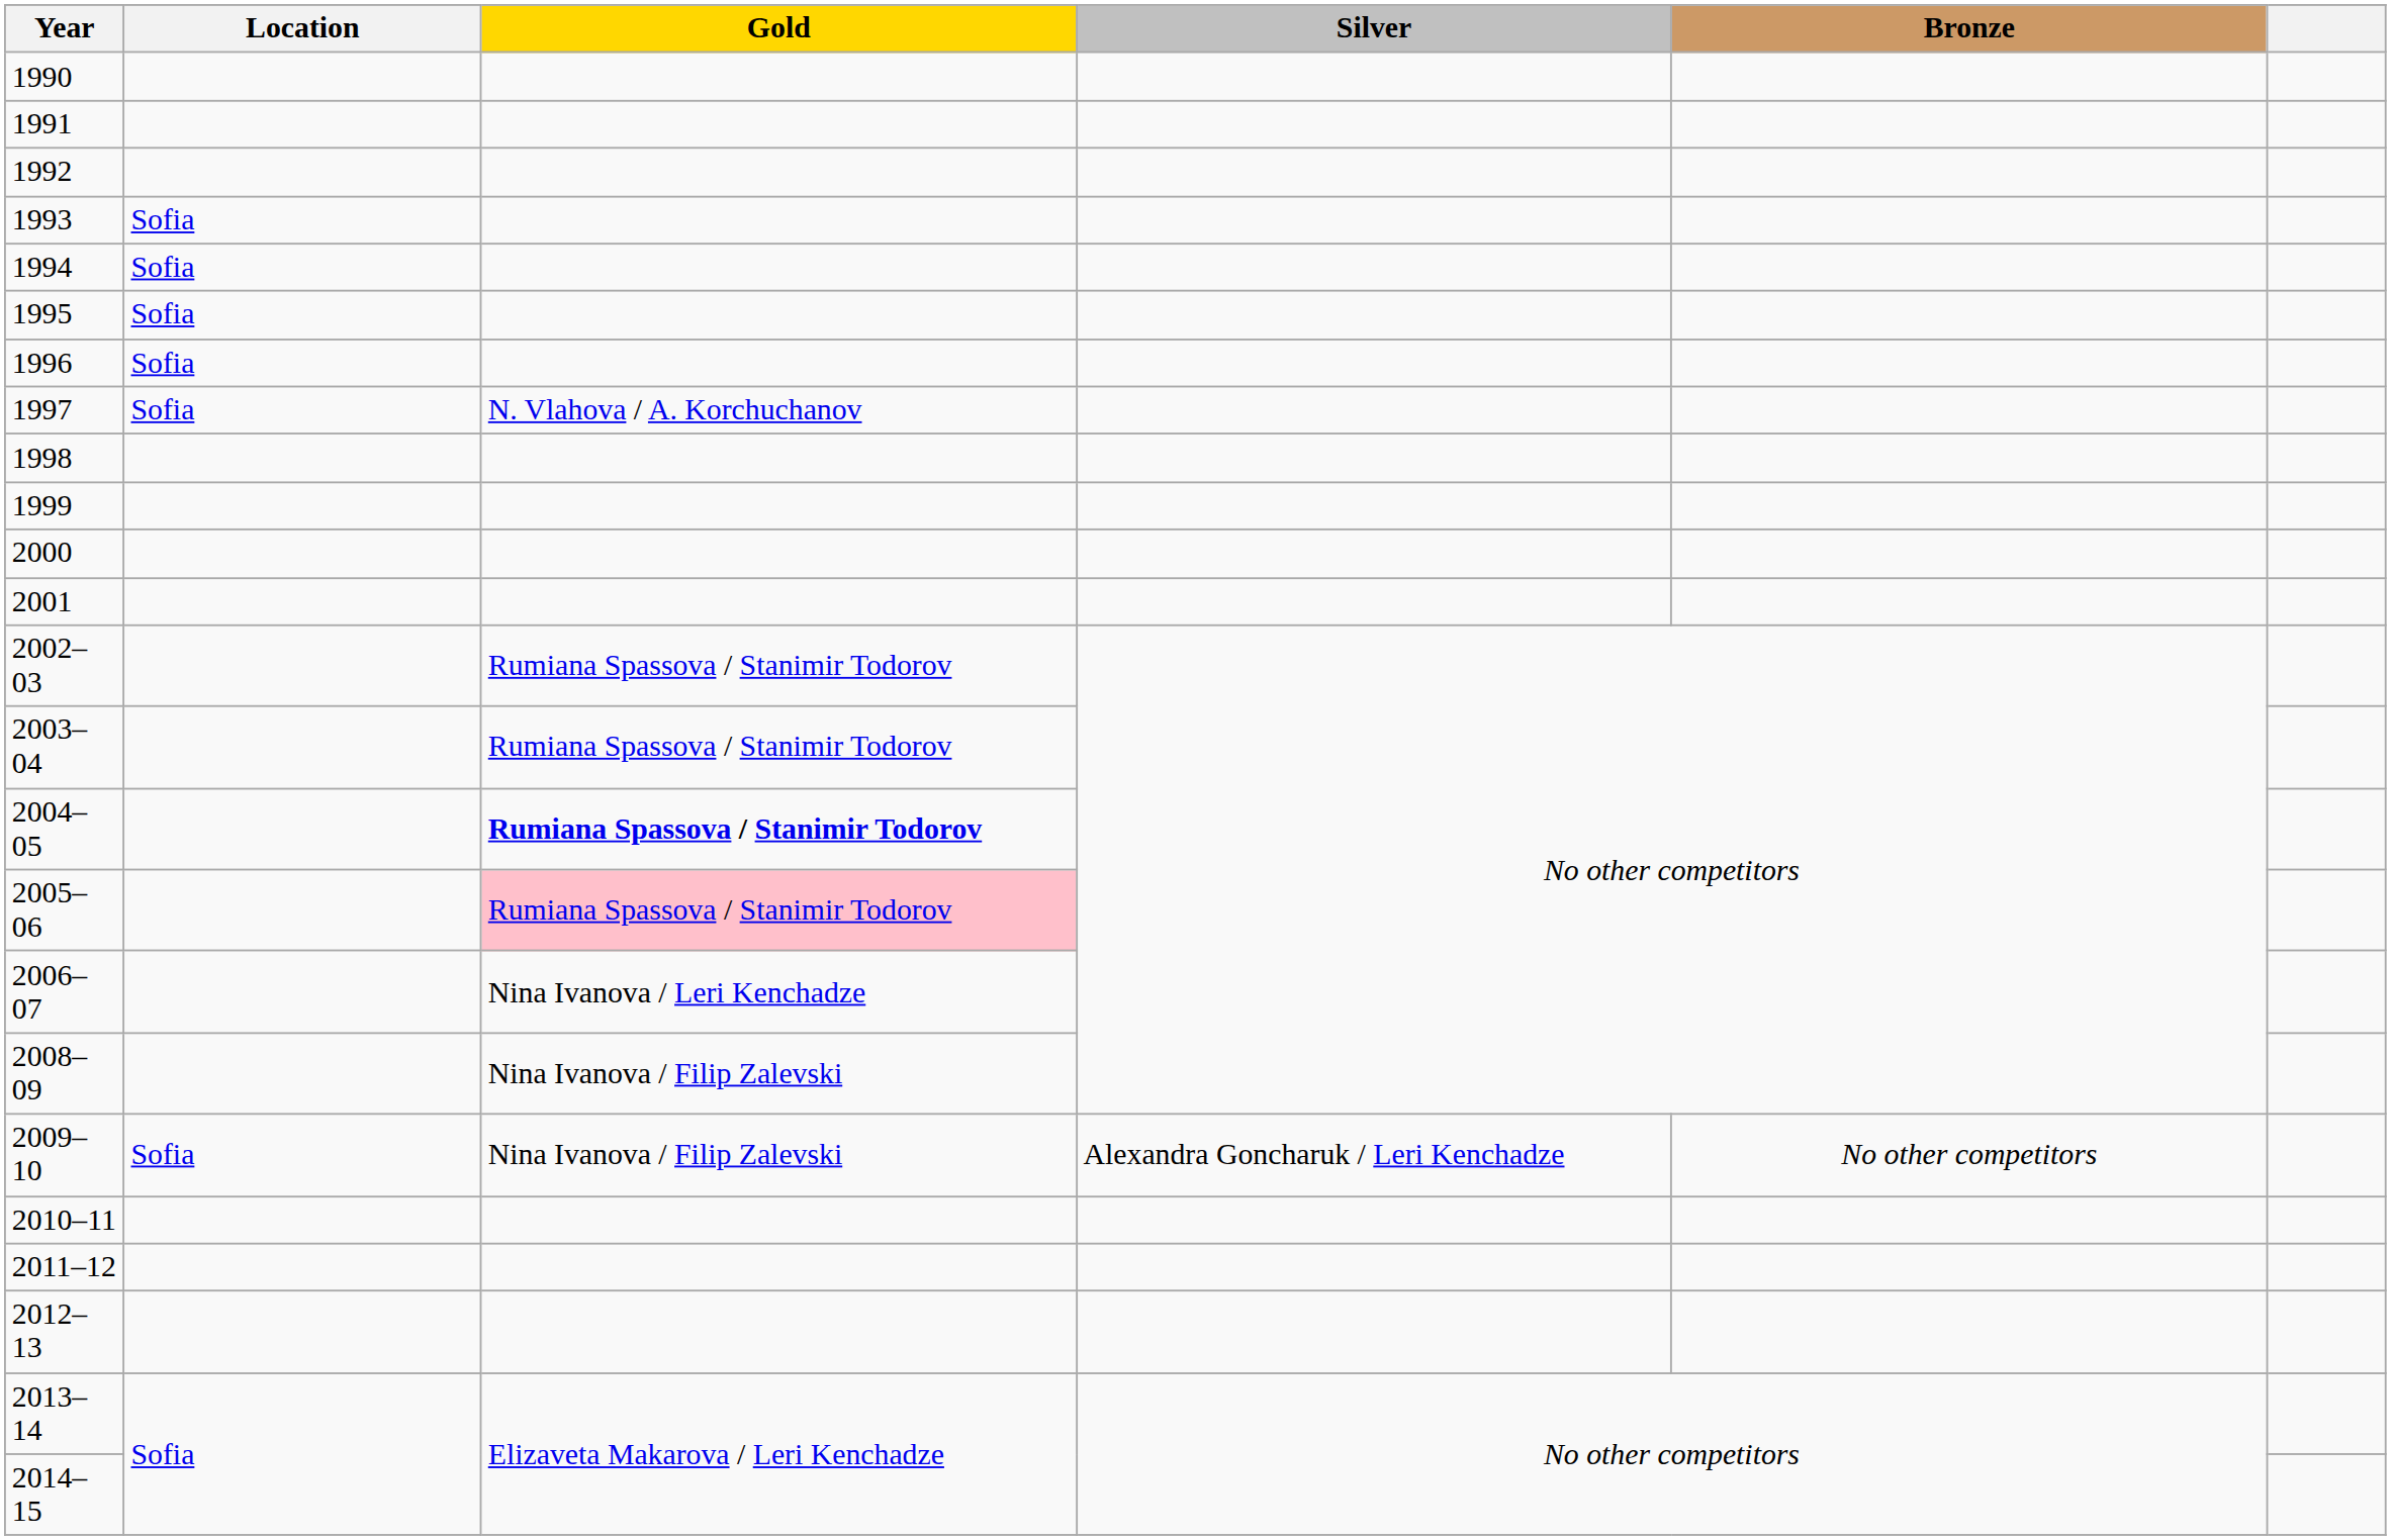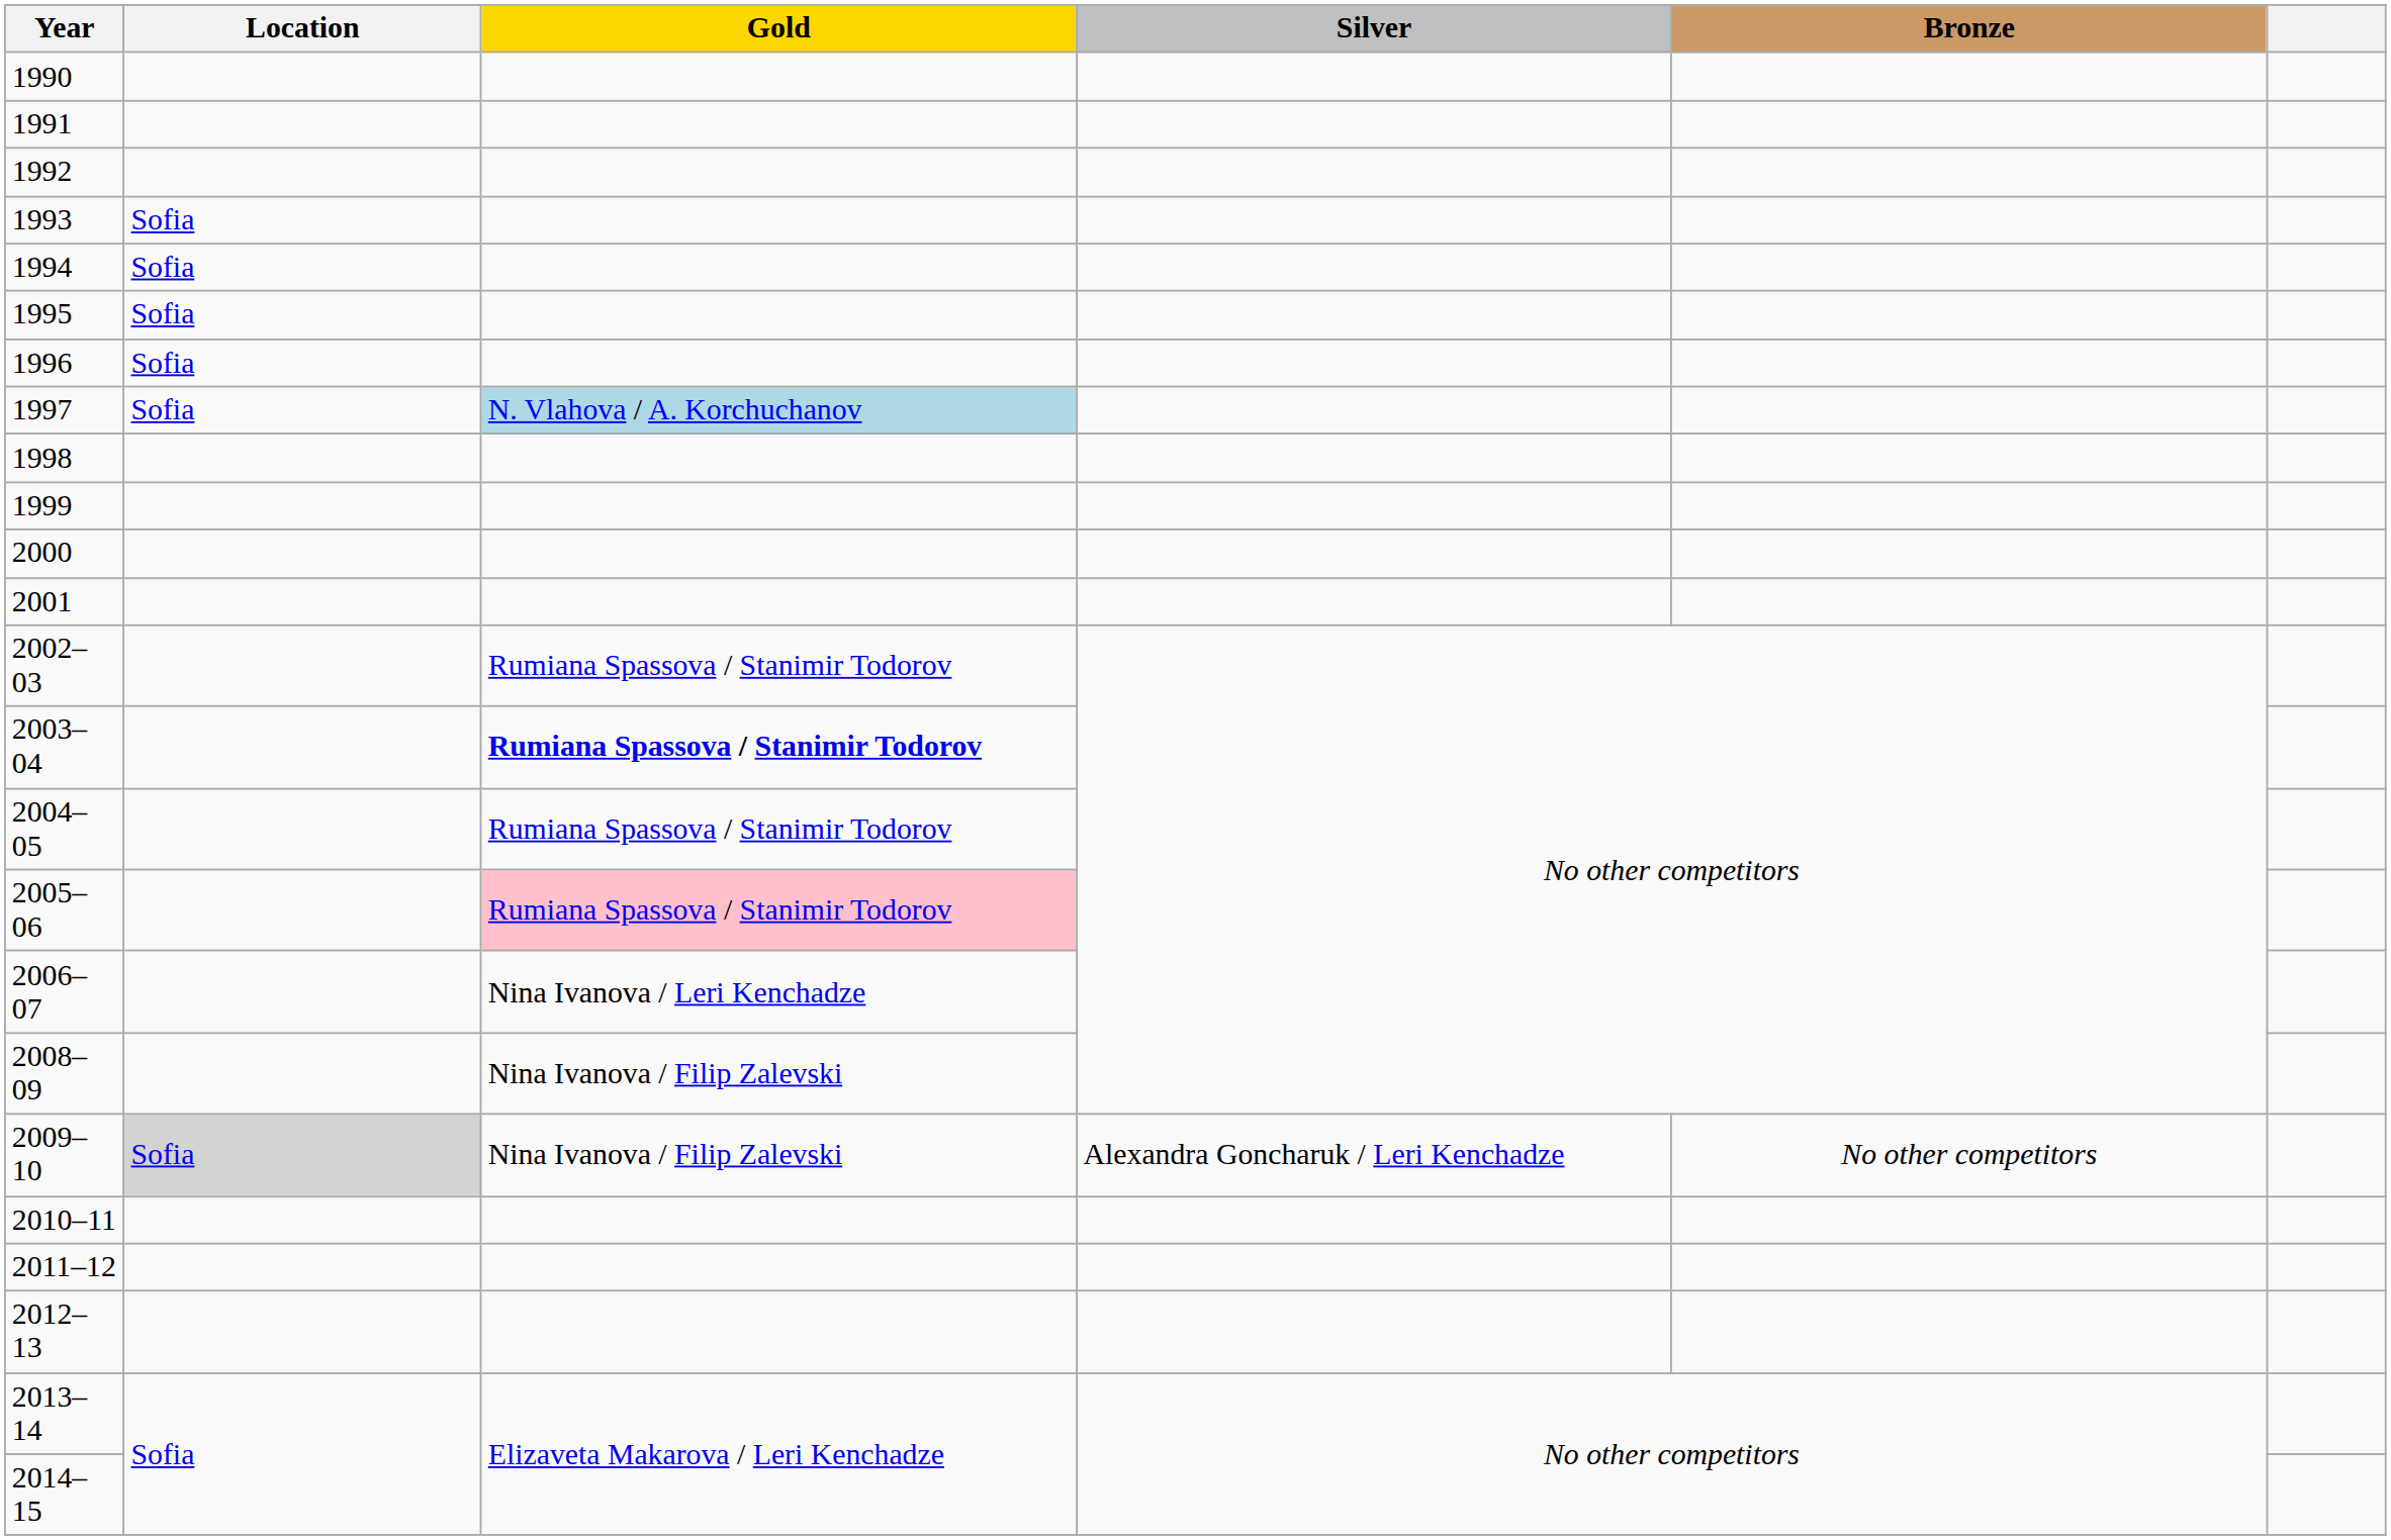 <table class="wikitable unsortable" style="text-align:left; width:80%">
 <tr>
 <th scope="col" style="text-align:center; width:5%">Year</th>
 <th scope="col" style="text-align:center; width:15%">Location</th>
 <td scope="col" style="text-align:center; width:25%; background:gold"><strong>Gold</strong></td>
 <td scope="col" style="text-align:center; width:25%; background:silver"><strong>Silver</strong></td>
 <td scope="col" style="text-align:center; width:25%; background:#c96"><strong>Bronze</strong></td>
 <th scope="col" style="text-align:center; width:5%"></th>
 </tr>
 <tr>
 <td>1990</td>
 <td></td>
 <td></td>
 <td></td>
 <td></td>
 <td></td>
 </tr>
 <tr>
 <td>1991</td>
 <td></td>
 <td></td>
 <td></td>
 <td></td>
 <td></td>
 </tr>
 <tr>
 <td>1992</td>
 <td></td>
 <td></td>
 <td></td>
 <td></td>
 <td></td>
 </tr>
 <tr>
 <td>1993</td>
 <td><a href='#'>Sofia</a></td>
 <td></td>
 <td></td>
 <td></td>
 <td></td>
 </tr>
 <tr>
 <td>1994</td>
 <td><a href='#'>Sofia</a></td>
 <td></td>
 <td></td>
 <td></td>
 <td></td>
 </tr>
 <tr>
 <td>1995</td>
 <td><a href='#'>Sofia</a></td>
 <td></td>
 <td></td>
 <td></td>
 <td></td>
 </tr>
 <tr>
 <td>1996</td>
 <td><a href='#'>Sofia</a></td>
 <td></td>
 <td></td>
 <td></td>
 <td></td>
 </tr>
 <tr>
 <td>1997</td>
 <td><a href='#'>Sofia</a></td>
-<td><a href='#'>N. Vlahova</a> / <a href='#'>A. Korchuchanov</a></td>
+<td style="background: lightblue;"><a href='#'>N. Vlahova</a> / <a href='#'>A. Korchuchanov</a></td>
 <td></td>
 <td></td>
 <td></td>
 </tr>
 <tr>
 <td>1998</td>
 <td></td>
 <td></td>
 <td></td>
 <td></td>
 <td></td>
 </tr>
 <tr>
 <td>1999</td>
 <td></td>
 <td></td>
 <td></td>
 <td></td>
 <td></td>
 </tr>
 <tr>
 <td>2000</td>
 <td></td>
 <td></td>
 <td></td>
 <td></td>
 <td></td>
 </tr>
 <tr>
 <td>2001</td>
 <td></td>
 <td></td>
 <td></td>
 <td></td>
 <td></td>
 </tr>
 <tr>
 <td>2002–03</td>
 <td></td>
 <td><a href='#'>Rumiana Spassova</a> / <a href='#'>Stanimir Todorov</a></td>
 <td colspan="2" rowspan="6" align="center"><em>No other competitors</em></td>
 <td></td>
 </tr>
 <tr>
 <td>2003–04</td>
 <td></td>
-<td><a href='#'>Rumiana Spassova</a> / <a href='#'>Stanimir Todorov</a></td>
+<td><strong><a href='#'>Rumiana Spassova</a> / <a href='#'>Stanimir Todorov</a></strong></td>
 <td></td>
 </tr>
 <tr>
 <td>2004–05</td>
 <td></td>
-<td><strong><a href='#'>Rumiana Spassova</a> / <a href='#'>Stanimir Todorov</a></strong></td>
+<td><a href='#'>Rumiana Spassova</a> / <a href='#'>Stanimir Todorov</a></td>
 <td></td>
 </tr>
 <tr>
 <td>2005–06</td>
 <td></td>
 <td style="background: pink;"><a href='#'>Rumiana Spassova</a> / <a href='#'>Stanimir Todorov</a></td>
 <td></td>
 </tr>
 <tr>
 <td>2006–07</td>
 <td></td>
 <td>Nina Ivanova / <a href='#'>Leri Kenchadze</a></td>
 <td></td>
 </tr>
 <tr>
 <td>2008–09</td>
 <td></td>
 <td>Nina Ivanova / <a href='#'>Filip Zalevski</a></td>
 <td></td>
 </tr>
 <tr>
 <td>2009–10</td>
-<td><a href='#'>Sofia</a></td>
+<td style="background: lightgrey;"><a href='#'>Sofia</a></td>
 <td>Nina Ivanova / <a href='#'>Filip Zalevski</a></td>
 <td>Alexandra Goncharuk / <a href='#'>Leri Kenchadze</a></td>
 <td align="center"><em>No other competitors</em></td>
 <td></td>
 </tr>
 <tr>
 <td>2010–11</td>
 <td></td>
 <td></td>
 <td></td>
 <td></td>
 <td></td>
 </tr>
 <tr>
 <td>2011–12</td>
 <td></td>
 <td></td>
 <td></td>
 <td></td>
 <td></td>
 </tr>
 <tr>
 <td>2012–13</td>
 <td></td>
 <td></td>
 <td></td>
 <td></td>
 <td></td>
 </tr>
 <tr>
 <td>2013–14</td>
 <td rowspan="2"><a href='#'>Sofia</a></td>
 <td rowspan="2"><a href='#'>Elizaveta Makarova</a> / <a href='#'>Leri Kenchadze</a></td>
 <td colspan="2" rowspan="2" align="center"><em>No other competitors</em></td>
 <td></td>
 </tr>
 <tr>
 <td>2014–15</td>
 <td></td>
 </tr>
 </table>
